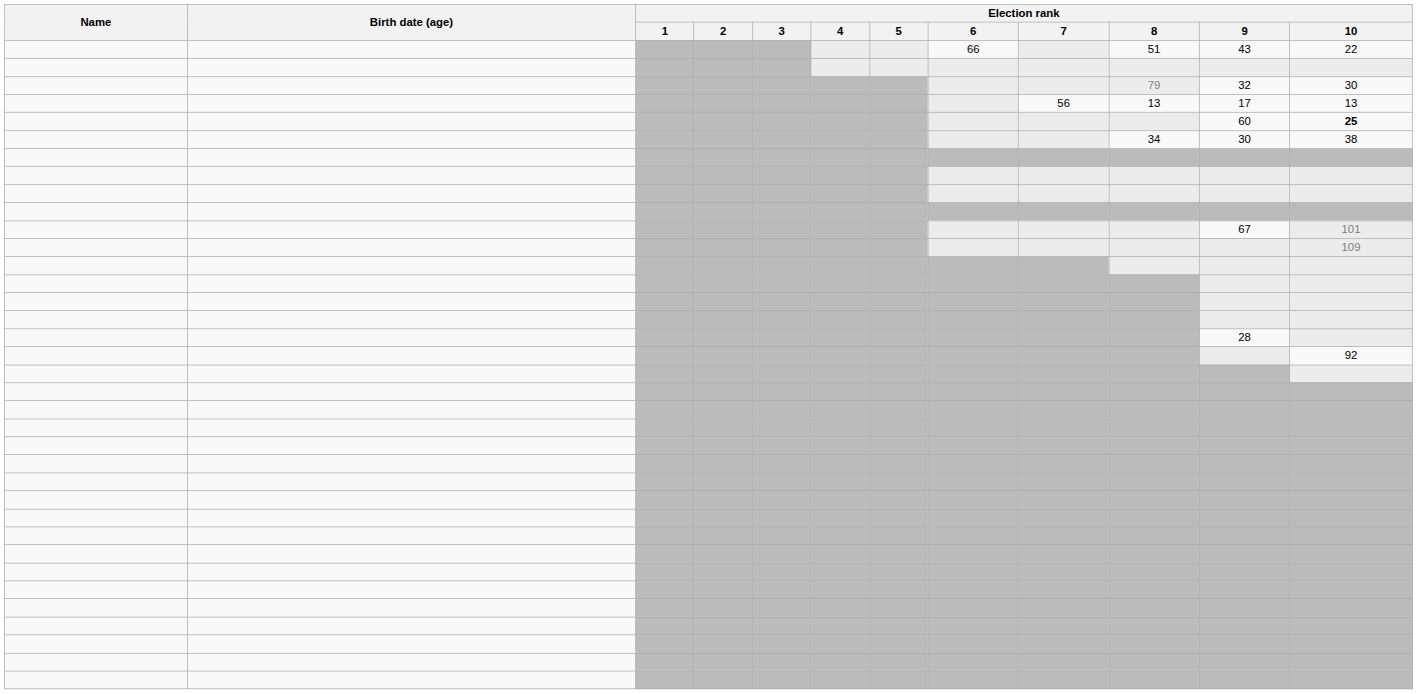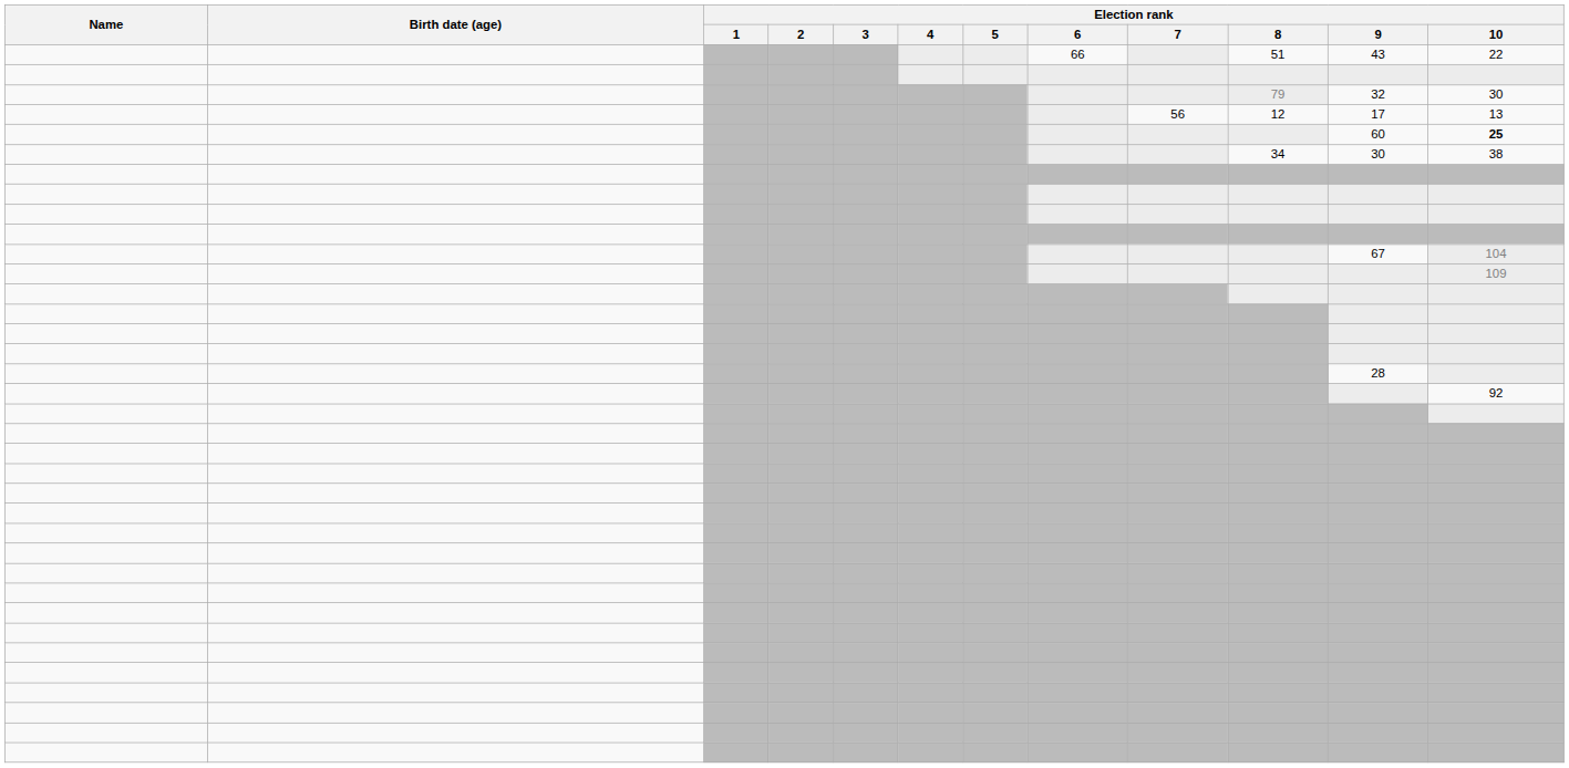 <table class="wikitable sortable"  style="text-align:center; width:100%;">
 <tr>
 <th rowspan="2">Name</th>
 <th rowspan="2">Birth date (age)</th>
 <th colspan="10" class="unsortable">Election rank</th>
 </tr>
 <tr>
 <th data-sort-type="number">1</th>
 <th data-sort-type="number">2</th>
 <th data-sort-type="number">3</th>
 <th data-sort-type="number">4</th>
 <th data-sort-type="number">5</th>
 <th data-sort-type="number">6</th>
 <th data-sort-type="number">7</th>
 <th data-sort-type="number">8</th>
 <th data-sort-type="number">9</th>
 <th data-sort-type="number">10</th>
 </tr>
 <tr>
 <td style="text-align:left;" data-sort-value="Iwatate, Saho"></td>
 <td style="text-align:left;"></td>
 <td style="background:#bbb;"> </td>
 <td style="background:#bbb;"> </td>
 <td style="background:#bbb;"> </td>
 <td style="background:#ececec; color:gray;"></td>
 <td style="background:#ececec; color:gray;"></td>
 <td>66</td>
 <td style="background:#ececec; color:gray;"></td>
 <td>51</td>
 <td>43</td>
 <td>22</td>
 </tr>
 <tr>
 <td style="text-align:left;" data-sort-value="Murayama, Yuiri"></td>
 <td style="text-align:left;"></td>
 <td style="background:#bbb;"> </td>
 <td style="background:#bbb;"> </td>
 <td style="background:#bbb;"> </td>
 <td style="background:#ececec; color:gray;"></td>
 <td style="background:#ececec; color:gray;"></td>
 <td style="background:#ececec; color:gray;"></td>
 <td style="background:#ececec; color:gray;"></td>
 <td style="background:#ececec; color:gray;"></td>
 <td style="background:#ececec; color:gray;"></td>
 <td style="background:#ececec; color:gray;"></td>
 </tr>
 <tr>
 <td style="text-align:left;" data-sort-value="Fukuoka, Seina"></td>
 <td style="text-align:left;"></td>
 <td style="background:#bbb;"> </td>
 <td style="background:#bbb;"> </td>
 <td style="background:#bbb;"> </td>
 <td style="background:#bbb;"> </td>
 <td style="background:#bbb;"> </td>
 <td style="background:#ececec; color:gray;"></td>
 <td style="background:#ececec; color:gray;"></td>
 <td style="background:#ececec; color:gray;">79</td>
 <td>32</td>
 <td>30</td>
 </tr>
 <tr>
 <td style="text-align:left;" data-sort-value="Mukaichi, Mion"></td>
 <td style="text-align:left;"></td>
 <td style="background:#bbb;"> </td>
 <td style="background:#bbb;"> </td>
 <td style="background:#bbb;"> </td>
 <td style="background:#bbb;"> </td>
 <td style="background:#bbb;"> </td>
 <td style="background:#ececec; color:gray;"></td>
 <td>56</td>
-<td>13</td>
+<td>12</td>
 <td>17</td>
 <td>13</td>
 </tr>
 <tr>
 <td style="text-align:left;" data-sort-value="Oguri, Yui"></td>
 <td style="text-align:left;"></td>
 <td style="background:#bbb;"> </td>
 <td style="background:#bbb;"> </td>
 <td style="background:#bbb;"> </td>
 <td style="background:#bbb;"> </td>
 <td style="background:#bbb;"> </td>
 <td style="background:#ececec; color:gray;"></td>
 <td style="background:#ececec; color:gray;"></td>
 <td style="background:#ececec; color:gray;"></td>
 <td>60</td>
 <td><strong>25</strong></td>
 </tr>
 <tr>
 <td style="text-align:left;" data-sort-value="Kuranoo, Narumi"></td>
 <td style="text-align:left;"></td>
 <td style="background:#bbb;"> </td>
 <td style="background:#bbb;"> </td>
 <td style="background:#bbb;"> </td>
 <td style="background:#bbb;"> </td>
 <td style="background:#bbb;"> </td>
 <td style="background:#ececec; color:gray;"></td>
 <td style="background:#ececec; color:gray;"></td>
 <td>34</td>
 <td>30</td>
 <td>38</td>
 </tr>
 <tr>
 <td style="text-align:left;" data-sort-value="Sakagawa, Hiyuka"></td>
 <td style="text-align:left;"></td>
 <td style="background:#bbb;"> </td>
 <td style="background:#bbb;"> </td>
 <td style="background:#bbb;"> </td>
 <td style="background:#bbb;"> </td>
 <td style="background:#bbb;"> </td>
 <td style="background:#bbb;"> </td>
 <td style="background:#bbb;"> </td>
 <td style="background:#bbb;"> </td>
 <td style="background:#bbb;"> </td>
 <td style="background:#bbb;"> </td>
 </tr>
 <tr>
 <td style="text-align:left;" data-sort-value="Shitao, Miu"></td>
 <td style="text-align:left;"></td>
 <td style="background:#bbb;"> </td>
 <td style="background:#bbb;"> </td>
 <td style="background:#bbb;"> </td>
 <td style="background:#bbb;"> </td>
 <td style="background:#bbb;"> </td>
 <td style="background:#ececec; color:gray;"></td>
 <td style="background:#ececec; color:gray;"></td>
 <td style="background:#ececec; color:gray;"></td>
 <td style="background:#ececec; color:gray;"></td>
 <td style="background:#ececec; color:gray;"></td>
 </tr>
 <tr>
 <td style="text-align:left;" data-sort-value="Takahashi, Ayane"></td>
 <td style="text-align:left;"></td>
 <td style="background:#bbb;"> </td>
 <td style="background:#bbb;"> </td>
 <td style="background:#bbb;"> </td>
 <td style="background:#bbb;"> </td>
 <td style="background:#bbb;"> </td>
 <td style="background:#ececec; color:gray;"></td>
 <td style="background:#ececec; color:gray;"></td>
 <td style="background:#ececec; color:gray;"></td>
 <td style="background:#ececec; color:gray;"></td>
 <td style="background:#ececec; color:gray;"></td>
 </tr>
 <tr>
 <td style="text-align:left;" data-sort-value="Tokunaga, Remi"></td>
 <td style="text-align:left;"></td>
 <td style="background:#bbb;"> </td>
 <td style="background:#bbb;"> </td>
 <td style="background:#bbb;"> </td>
 <td style="background:#bbb;"> </td>
 <td style="background:#bbb;"> </td>
 <td style="background:#bbb;"> </td>
 <td style="background:#bbb;"> </td>
 <td style="background:#bbb;"> </td>
 <td style="background:#bbb;"> </td>
 <td style="background:#bbb;"> </td>
 </tr>
 <tr>
 <td style="text-align:left;" data-sort-value="Nagano, Serika"></td>
 <td style="text-align:left;"></td>
 <td style="background:#bbb;"> </td>
 <td style="background:#bbb;"> </td>
 <td style="background:#bbb;"> </td>
 <td style="background:#bbb;"> </td>
 <td style="background:#bbb;"> </td>
 <td style="background:#ececec; color:gray;"></td>
 <td style="background:#ececec; color:gray;"></td>
 <td style="background:#ececec; color:gray;"></td>
 <td>67</td>
-<td style="background:#ececec; color:gray;">101</td>
+<td style="background:#ececec; color:gray;">104</td>
 </tr>
 <tr>
 <td style="text-align:left;" data-sort-value="Hashimoto, Haruna"></td>
 <td style="text-align:left;"></td>
 <td style="background:#bbb;"> </td>
 <td style="background:#bbb;"> </td>
 <td style="background:#bbb;"> </td>
 <td style="background:#bbb;"> </td>
 <td style="background:#bbb;"> </td>
 <td style="background:#ececec; color:gray;"></td>
 <td style="background:#ececec; color:gray;"></td>
 <td style="background:#ececec; color:gray;"></td>
 <td style="background:#ececec; color:gray;"></td>
 <td style="background:#ececec; color:gray;">109</td>
 </tr>
 <tr>
 <td style="text-align:left;" data-sort-value="Chiba, Erii"></td>
 <td style="text-align:left;"></td>
 <td style="background:#bbb;"> </td>
 <td style="background:#bbb;"> </td>
 <td style="background:#bbb;"> </td>
 <td style="background:#bbb;"> </td>
 <td style="background:#bbb;"> </td>
 <td style="background:#bbb;"> </td>
 <td style="background:#bbb;"> </td>
 <td style="background:#ececec; color:gray;"></td>
 <td style="background:#ececec; color:gray;"></td>
 <td style="background:#ececec; color:gray;"></td>
 </tr>
 <tr>
 <td style="text-align:left;" data-sort-value="Suzuki, Kurumi"></td>
 <td style="text-align:left;"></td>
 <td style="background:#bbb;"> </td>
 <td style="background:#bbb;"> </td>
 <td style="background:#bbb;"> </td>
 <td style="background:#bbb;"> </td>
 <td style="background:#bbb;"> </td>
 <td style="background:#bbb;"> </td>
 <td style="background:#bbb;"> </td>
 <td style="background:#bbb;"> </td>
 <td style="background:#ececec; color:gray;"></td>
 <td style="background:#ececec; color:gray;"></td>
 </tr>
 <tr>
 <td style="text-align:left;" data-sort-value="Taguchi, Manaka"></td>
 <td style="text-align:left;"></td>
 <td style="background:#bbb;"> </td>
 <td style="background:#bbb;"> </td>
 <td style="background:#bbb;"> </td>
 <td style="background:#bbb;"> </td>
 <td style="background:#bbb;"> </td>
 <td style="background:#bbb;"> </td>
 <td style="background:#bbb;"> </td>
 <td style="background:#bbb;"> </td>
 <td style="background:#ececec; color:gray;"></td>
 <td style="background:#ececec; color:gray;"></td>
 </tr>
 <tr>
 <td style="text-align:left;" data-sort-value="Nagatomo, Ayami"></td>
 <td style="text-align:left;"></td>
 <td style="background:#bbb;"> </td>
 <td style="background:#bbb;"> </td>
 <td style="background:#bbb;"> </td>
 <td style="background:#bbb;"> </td>
 <td style="background:#bbb;"> </td>
 <td style="background:#bbb;"> </td>
 <td style="background:#bbb;"> </td>
 <td style="background:#bbb;"> </td>
 <td style="background:#ececec; color:gray;"></td>
 <td style="background:#ececec; color:gray;"></td>
 </tr>
 <tr>
 <td style="text-align:left;" data-sort-value="Muto, Orin"></td>
 <td style="text-align:left;"></td>
 <td style="background:#bbb;"> </td>
 <td style="background:#bbb;"> </td>
 <td style="background:#bbb;"> </td>
 <td style="background:#bbb;"> </td>
 <td style="background:#bbb;"> </td>
 <td style="background:#bbb;"> </td>
 <td style="background:#bbb;"> </td>
 <td style="background:#bbb;"> </td>
 <td>28</td>
 <td style="background:#ececec; color:gray;"></td>
 </tr>
 <tr>
 <td style="text-align:left;" data-sort-value="Yamauchi, Mizuki"></td>
 <td style="text-align:left;"></td>
 <td style="background:#bbb;"> </td>
 <td style="background:#bbb;"> </td>
 <td style="background:#bbb;"> </td>
 <td style="background:#bbb;"> </td>
 <td style="background:#bbb;"> </td>
 <td style="background:#bbb;"> </td>
 <td style="background:#bbb;"> </td>
 <td style="background:#bbb;"> </td>
 <td style="background:#ececec; color:gray;"></td>
 <td>92</td>
 </tr>
 <tr>
 <td style="text-align:left;" data-sort-value="Omori, Maho"></td>
 <td style="text-align:left;"></td>
 <td style="background:#bbb;"> </td>
 <td style="background:#bbb;"> </td>
 <td style="background:#bbb;"> </td>
 <td style="background:#bbb;"> </td>
 <td style="background:#bbb;"> </td>
 <td style="background:#bbb;"> </td>
 <td style="background:#bbb;"> </td>
 <td style="background:#bbb;"> </td>
 <td style="background:#bbb;"> </td>
 <td style="background:#ececec; color:gray;"></td>
 </tr>
 <tr>
 <td style="text-align:left;" data-sort-value="Ōta, Yuki"></td>
 <td style="text-align:left;"></td>
 <td style="background:#bbb;"> </td>
 <td style="background:#bbb;"> </td>
 <td style="background:#bbb;"> </td>
 <td style="background:#bbb;"> </td>
 <td style="background:#bbb;"> </td>
 <td style="background:#bbb;"> </td>
 <td style="background:#bbb;"> </td>
 <td style="background:#bbb;"> </td>
 <td style="background:#bbb;"> </td>
 <td style="background:#bbb;"></td>
 </tr>
 <tr>
 <td style="text-align:left;" data-sort-value="Satō, Airi"></td>
 <td style="text-align:left;"></td>
 <td style="background:#bbb;"> </td>
 <td style="background:#bbb;"> </td>
 <td style="background:#bbb;"> </td>
 <td style="background:#bbb;"> </td>
 <td style="background:#bbb;"> </td>
 <td style="background:#bbb;"> </td>
 <td style="background:#bbb;"> </td>
 <td style="background:#bbb;"> </td>
 <td style="background:#bbb;"> </td>
 <td style="background:#bbb;"></td>
 </tr>
 <tr>
 <td style="text-align:left;" data-sort-value="Hashimoto, Eriko"></td>
 <td style="text-align:left;"></td>
 <td style="background:#bbb;"> </td>
 <td style="background:#bbb;"> </td>
 <td style="background:#bbb;"> </td>
 <td style="background:#bbb;"> </td>
 <td style="background:#bbb;"> </td>
 <td style="background:#bbb;"> </td>
 <td style="background:#bbb;"> </td>
 <td style="background:#bbb;"> </td>
 <td style="background:#bbb;"> </td>
 <td style="background:#bbb;"></td>
 </tr>
 <tr>
 <td style="text-align:left;" data-sort-value="Hatakeyama, Nozomi"></td>
 <td style="text-align:left;"></td>
 <td style="background:#bbb;"> </td>
 <td style="background:#bbb;"> </td>
 <td style="background:#bbb;"> </td>
 <td style="background:#bbb;"> </td>
 <td style="background:#bbb;"> </td>
 <td style="background:#bbb;"> </td>
 <td style="background:#bbb;"> </td>
 <td style="background:#bbb;"> </td>
 <td style="background:#bbb;"> </td>
 <td style="background:#bbb;"></td>
 </tr>
 <tr>
 <td style="text-align:left;" data-sort-value="Hirata, Yuki"></td>
 <td style="text-align:left;"></td>
 <td style="background:#bbb;"> </td>
 <td style="background:#bbb;"> </td>
 <td style="background:#bbb;"> </td>
 <td style="background:#bbb;"> </td>
 <td style="background:#bbb;"> </td>
 <td style="background:#bbb;"> </td>
 <td style="background:#bbb;"> </td>
 <td style="background:#bbb;"> </td>
 <td style="background:#bbb;"> </td>
 <td style="background:#bbb;"></td>
 </tr>
 <tr>
 <td style="text-align:left;" data-sort-value="Hotei, Moka"></td>
 <td style="text-align:left;"></td>
 <td style="background:#bbb;"> </td>
 <td style="background:#bbb;"> </td>
 <td style="background:#bbb;"> </td>
 <td style="background:#bbb;"> </td>
 <td style="background:#bbb;"> </td>
 <td style="background:#bbb;"> </td>
 <td style="background:#bbb;"> </td>
 <td style="background:#bbb;"> </td>
 <td style="background:#bbb;"> </td>
 <td style="background:#bbb;"></td>
 </tr>
 <tr>
 <td style="text-align:left;" data-sort-value="Masai, Mayū"></td>
 <td style="text-align:left;"></td>
 <td style="background:#bbb;"> </td>
 <td style="background:#bbb;"> </td>
 <td style="background:#bbb;"> </td>
 <td style="background:#bbb;"> </td>
 <td style="background:#bbb;"> </td>
 <td style="background:#bbb;"> </td>
 <td style="background:#bbb;"> </td>
 <td style="background:#bbb;"> </td>
 <td style="background:#bbb;"> </td>
 <td style="background:#bbb;"></td>
 </tr>
 <tr>
 <td style="text-align:left;" data-sort-value="Mizushima, Miyū"></td>
 <td style="text-align:left;"></td>
 <td style="background:#bbb;"> </td>
 <td style="background:#bbb;"> </td>
 <td style="background:#bbb;"> </td>
 <td style="background:#bbb;"> </td>
 <td style="background:#bbb;"> </td>
 <td style="background:#bbb;"> </td>
 <td style="background:#bbb;"> </td>
 <td style="background:#bbb;"> </td>
 <td style="background:#bbb;"> </td>
 <td style="background:#bbb;"></td>
 </tr>
 <tr>
 <td style="text-align:left;" data-sort-value="Yamazaki, Sora"></td>
 <td style="text-align:left;"></td>
 <td style="background:#bbb;"> </td>
 <td style="background:#bbb;"> </td>
 <td style="background:#bbb;"> </td>
 <td style="background:#bbb;"> </td>
 <td style="background:#bbb;"> </td>
 <td style="background:#bbb;"> </td>
 <td style="background:#bbb;"> </td>
 <td style="background:#bbb;"> </td>
 <td style="background:#bbb;"> </td>
 <td style="background:#bbb;"></td>
 </tr>
 <tr>
 <td style="text-align:left;" data-sort-value="Akiyama, Yuna"></td>
 <td style="text-align:left;"></td>
 <td style="background:#bbb;"> </td>
 <td style="background:#bbb;"> </td>
 <td style="background:#bbb;"> </td>
 <td style="background:#bbb;"> </td>
 <td style="background:#bbb;"> </td>
 <td style="background:#bbb;"> </td>
 <td style="background:#bbb;"> </td>
 <td style="background:#bbb;"> </td>
 <td style="background:#bbb;"> </td>
 <td style="background:#bbb;"></td>
 </tr>
 <tr>
 <td style="text-align:left;" data-sort-value="Arai, Sae"></td>
 <td style="text-align:left;"></td>
 <td style="background:#bbb;"> </td>
 <td style="background:#bbb;"> </td>
 <td style="background:#bbb;"> </td>
 <td style="background:#bbb;"> </td>
 <td style="background:#bbb;"> </td>
 <td style="background:#bbb;"> </td>
 <td style="background:#bbb;"> </td>
 <td style="background:#bbb;"> </td>
 <td style="background:#bbb;"> </td>
 <td style="background:#bbb;"></td>
 </tr>
 <tr>
 <td style="text-align:left;" data-sort-value="Kudō, Kasumi"></td>
 <td style="text-align:left;"></td>
 <td style="background:#bbb;"> </td>
 <td style="background:#bbb;"> </td>
 <td style="background:#bbb;"> </td>
 <td style="background:#bbb;"> </td>
 <td style="background:#bbb;"> </td>
 <td style="background:#bbb;"> </td>
 <td style="background:#bbb;"> </td>
 <td style="background:#bbb;"> </td>
 <td style="background:#bbb;"> </td>
 <td style="background:#bbb;"></td>
 </tr>
 <tr>
 <td style="text-align:left;" data-sort-value="Kubo, Hinano"></td>
 <td style="text-align:left;"></td>
 <td style="background:#bbb;"> </td>
 <td style="background:#bbb;"> </td>
 <td style="background:#bbb;"> </td>
 <td style="background:#bbb;"> </td>
 <td style="background:#bbb;"> </td>
 <td style="background:#bbb;"> </td>
 <td style="background:#bbb;"> </td>
 <td style="background:#bbb;"> </td>
 <td style="background:#bbb;"> </td>
 <td style="background:#bbb;"></td>
 </tr>
 <tr>
 <td style="text-align:left;" data-sort-value="Sako, Yumemi"></td>
 <td style="text-align:left;"></td>
 <td style="background:#bbb;"> </td>
 <td style="background:#bbb;"> </td>
 <td style="background:#bbb;"> </td>
 <td style="background:#bbb;"> </td>
 <td style="background:#bbb;"> </td>
 <td style="background:#bbb;"> </td>
 <td style="background:#bbb;"> </td>
 <td style="background:#bbb;"> </td>
 <td style="background:#bbb;"> </td>
 <td style="background:#bbb;"></td>
 </tr>
 <tr>
 <td style="text-align:left;" data-sort-value="Narita, Kohina"></td>
 <td style="text-align:left;"></td>
 <td style="background:#bbb;"> </td>
 <td style="background:#bbb;"> </td>
 <td style="background:#bbb;"> </td>
 <td style="background:#bbb;"> </td>
 <td style="background:#bbb;"> </td>
 <td style="background:#bbb;"> </td>
 <td style="background:#bbb;"> </td>
 <td style="background:#bbb;"> </td>
 <td style="background:#bbb;"> </td>
 <td style="background:#bbb;"></td>
 </tr>
 <tr>
 <td style="text-align:left;" data-sort-value="Yagi, Azuki"></td>
 <td style="text-align:left;"></td>
 <td style="background:#bbb;"> </td>
 <td style="background:#bbb;"> </td>
 <td style="background:#bbb;"> </td>
 <td style="background:#bbb;"> </td>
 <td style="background:#bbb;"> </td>
 <td style="background:#bbb;"> </td>
 <td style="background:#bbb;"> </td>
 <td style="background:#bbb;"> </td>
 <td style="background:#bbb;"> </td>
 <td style="background:#bbb;"></td>
 </tr>
 <tr>
 <td style="text-align:left;" data-sort-value="Yamaguchi, Yui"></td>
 <td style="text-align:left;"></td>
 <td style="background:#bbb;"> </td>
 <td style="background:#bbb;"> </td>
 <td style="background:#bbb;"> </td>
 <td style="background:#bbb;"> </td>
 <td style="background:#bbb;"> </td>
 <td style="background:#bbb;"> </td>
 <td style="background:#bbb;"> </td>
 <td style="background:#bbb;"> </td>
 <td style="background:#bbb;"> </td>
 <td style="background:#bbb;"></td>
 </tr>
 </table>
